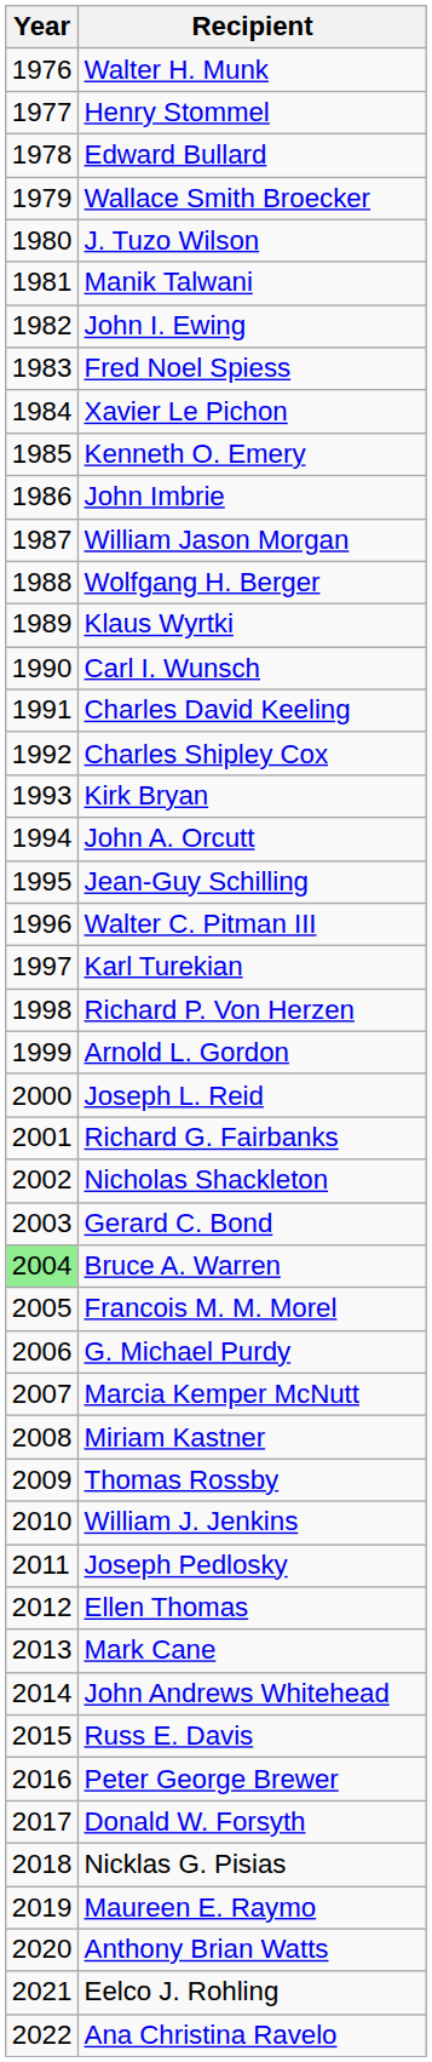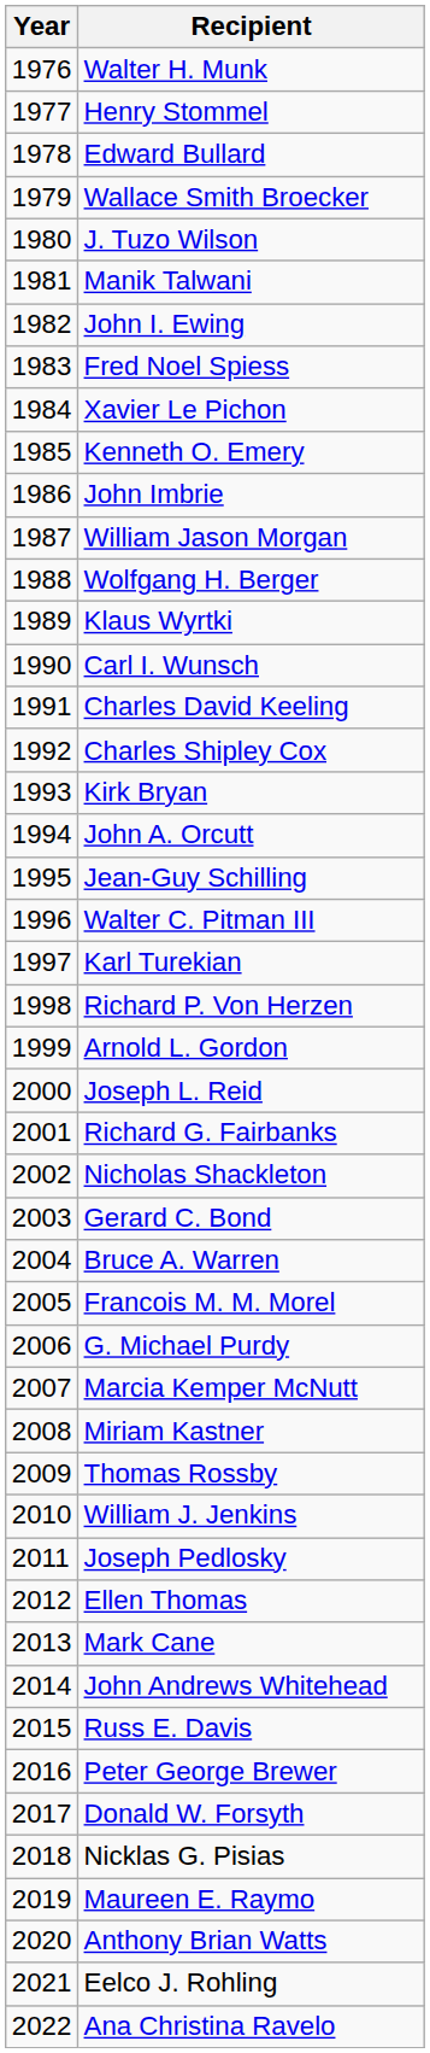 <table class="wikitable">
 <tr>
 <th>Year</th>
 <th width="200">Recipient</th>
 </tr>
 <tr>
 <td>1976</td>
 <td><a href='#'>Walter H. Munk</a></td>
 </tr>
 <tr>
 <td>1977</td>
 <td><a href='#'>Henry Stommel</a></td>
 </tr>
 <tr>
 <td>1978</td>
 <td><a href='#'>Edward Bullard</a></td>
 </tr>
 <tr>
 <td>1979</td>
 <td><a href='#'>Wallace Smith Broecker</a></td>
 </tr>
 <tr>
 <td>1980</td>
 <td><a href='#'>J. Tuzo Wilson</a></td>
 </tr>
 <tr>
 <td>1981</td>
 <td><a href='#'>Manik Talwani</a></td>
 </tr>
 <tr>
 <td>1982</td>
 <td><a href='#'>John I. Ewing</a></td>
 </tr>
 <tr>
 <td>1983</td>
 <td><a href='#'>Fred Noel Spiess</a></td>
 </tr>
 <tr>
 <td>1984</td>
 <td><a href='#'>Xavier Le Pichon</a></td>
 </tr>
 <tr>
 <td>1985</td>
 <td><a href='#'>Kenneth O. Emery</a></td>
 </tr>
 <tr>
 <td>1986</td>
 <td><a href='#'>John Imbrie</a></td>
 </tr>
 <tr>
 <td>1987</td>
 <td><a href='#'>William Jason Morgan</a></td>
 </tr>
 <tr>
 <td>1988</td>
 <td><a href='#'>Wolfgang H. Berger</a></td>
 </tr>
 <tr>
 <td>1989</td>
 <td><a href='#'>Klaus Wyrtki</a></td>
 </tr>
 <tr>
 <td>1990</td>
 <td><a href='#'>Carl I. Wunsch</a></td>
 </tr>
 <tr>
 <td>1991</td>
 <td><a href='#'>Charles David Keeling</a></td>
 </tr>
 <tr>
 <td>1992</td>
 <td><a href='#'>Charles Shipley Cox</a></td>
 </tr>
 <tr>
 <td>1993</td>
 <td><a href='#'>Kirk Bryan</a></td>
 </tr>
 <tr>
 <td>1994</td>
 <td><a href='#'>John A. Orcutt</a></td>
 </tr>
 <tr>
 <td>1995</td>
 <td><a href='#'>Jean-Guy Schilling</a></td>
 </tr>
 <tr>
 <td>1996</td>
 <td><a href='#'>Walter C. Pitman III</a></td>
 </tr>
 <tr>
 <td>1997</td>
 <td><a href='#'>Karl Turekian</a></td>
 </tr>
 <tr>
 <td>1998</td>
 <td><a href='#'>Richard P. Von Herzen</a></td>
 </tr>
 <tr>
 <td>1999</td>
 <td><a href='#'>Arnold L. Gordon</a></td>
 </tr>
 <tr>
 <td>2000</td>
 <td><a href='#'>Joseph L. Reid</a></td>
 </tr>
 <tr>
 <td>2001</td>
 <td><a href='#'>Richard G. Fairbanks</a></td>
 </tr>
 <tr>
 <td>2002</td>
 <td><a href='#'>Nicholas Shackleton</a></td>
 </tr>
 <tr>
 <td>2003</td>
 <td><a href='#'>Gerard C. Bond</a></td>
 </tr>
 <tr>
-<td style="background: lightgreen;">2004</td>
+<td>2004</td>
 <td><a href='#'>Bruce A. Warren</a></td>
 </tr>
 <tr>
 <td>2005</td>
 <td><a href='#'>Francois M. M. Morel</a></td>
 </tr>
 <tr>
 <td>2006</td>
 <td><a href='#'>G. Michael Purdy</a></td>
 </tr>
 <tr>
 <td>2007</td>
 <td><a href='#'>Marcia Kemper McNutt</a></td>
 </tr>
 <tr>
 <td>2008</td>
 <td><a href='#'>Miriam Kastner</a></td>
 </tr>
 <tr>
 <td>2009</td>
 <td><a href='#'>Thomas Rossby</a></td>
 </tr>
 <tr>
 <td>2010</td>
 <td><a href='#'>William J. Jenkins</a></td>
 </tr>
 <tr>
 <td>2011</td>
 <td><a href='#'>Joseph Pedlosky</a></td>
 </tr>
 <tr>
 <td>2012</td>
 <td><a href='#'>Ellen Thomas</a></td>
 </tr>
 <tr>
 <td>2013</td>
 <td><a href='#'>Mark Cane</a></td>
 </tr>
 <tr>
 <td>2014</td>
 <td><a href='#'>John Andrews Whitehead</a></td>
 </tr>
 <tr>
 <td>2015</td>
 <td><a href='#'>Russ E. Davis</a></td>
 </tr>
 <tr>
 <td>2016</td>
 <td><a href='#'>Peter George Brewer</a></td>
 </tr>
 <tr>
 <td>2017</td>
 <td><a href='#'>Donald W. Forsyth</a></td>
 </tr>
 <tr>
 <td>2018</td>
 <td>Nicklas G. Pisias</td>
 </tr>
 <tr>
 <td>2019</td>
 <td><a href='#'>Maureen E. Raymo</a></td>
 </tr>
 <tr>
 <td>2020</td>
 <td><a href='#'>Anthony Brian Watts</a></td>
 </tr>
 <tr>
 <td>2021</td>
 <td>Eelco J. Rohling</td>
 </tr>
 <tr>
 <td>2022</td>
 <td><a href='#'>Ana Christina Ravelo</a></td>
 </tr>
 </table>
